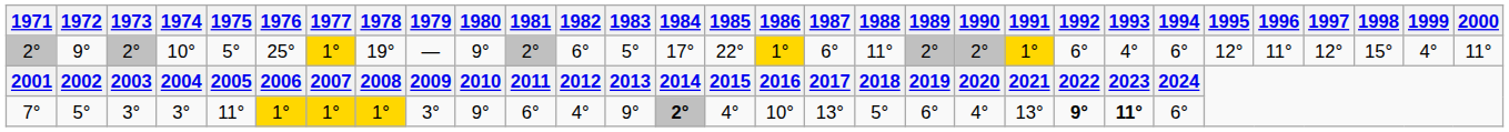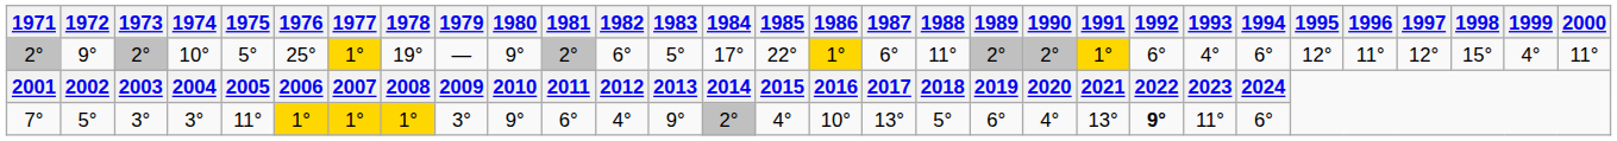 <table class="wikitable" style="margin:0.5em ; font-size:80%">
 <tr>
 <th><a href='#'>1971</a></th>
 <th><a href='#'>1972</a></th>
 <th><a href='#'>1973</a></th>
 <th><a href='#'>1974</a></th>
 <th><a href='#'>1975</a></th>
 <th><a href='#'>1976</a></th>
 <th><a href='#'>1977</a></th>
 <th><a href='#'>1978</a></th>
 <th><a href='#'>1979</a></th>
 <th><a href='#'>1980</a></th>
 <th><a href='#'>1981</a></th>
 <th><a href='#'>1982</a></th>
 <th><a href='#'>1983</a></th>
 <th><a href='#'>1984</a></th>
 <th><a href='#'>1985</a></th>
 <th><a href='#'>1986</a></th>
 <th><a href='#'>1987</a></th>
 <th><a href='#'>1988</a></th>
 <th><a href='#'>1989</a></th>
 <th><a href='#'>1990</a></th>
 <th><a href='#'>1991</a></th>
 <th><a href='#'>1992</a></th>
 <th><a href='#'>1993</a></th>
 <th><a href='#'>1994</a></th>
 <th><a href='#'>1995</a></th>
 <th><a href='#'>1996</a></th>
 <th><a href='#'>1997</a></th>
 <th><a href='#'>1998</a></th>
 <th><a href='#'>1999</a></th>
 <th><a href='#'>2000</a></th>
 </tr>
 <tr>
 <td align=center style="background:silver;">2°</td>
 <td align=center>9°</td>
 <td align=center style="background:silver;">2°</td>
 <td align=center>10°</td>
 <td align=center>5°</td>
 <td align=center>25°</td>
 <td align=center style="background:gold;">1°</td>
 <td align=center>19°</td>
 <td align=center>—</td>
 <td align=center>9°</td>
 <td align=center style="background:silver;">2°</td>
 <td align=center>6°</td>
 <td align=center>5°</td>
 <td align=center>17°</td>
 <td align=center>22°</td>
 <td align=center style="background:gold;">1°</td>
 <td align=center>6°</td>
 <td align=center>11°</td>
 <td align=center style="background:silver;">2°</td>
 <td align=center style="background:silver;">2°</td>
 <td align=center style="background:gold;">1°</td>
 <td align=center>6°</td>
 <td align=center>4°</td>
 <td align=center>6°</td>
 <td align=center>12°</td>
 <td align=center>11°</td>
 <td align=center>12°</td>
 <td align=center>15°</td>
 <td align=center>4°</td>
 <td align=center>11°</td>
 </tr>
 <tr>
 <th><a href='#'>2001</a></th>
 <th><a href='#'>2002</a></th>
 <th><a href='#'>2003</a></th>
 <th><a href='#'>2004</a></th>
 <th><a href='#'>2005</a></th>
 <th><a href='#'>2006</a></th>
 <th><a href='#'>2007</a></th>
 <th><a href='#'>2008</a></th>
 <th><a href='#'>2009</a></th>
 <th><a href='#'>2010</a></th>
 <th><a href='#'>2011</a></th>
 <th><a href='#'>2012</a></th>
 <th><a href='#'>2013</a></th>
 <th><a href='#'>2014</a></th>
 <th><a href='#'>2015</a></th>
 <th><a href='#'>2016</a></th>
 <th><a href='#'>2017</a></th>
 <th><a href='#'>2018</a></th>
 <th><a href='#'>2019</a></th>
 <th><a href='#'>2020</a></th>
 <th><a href='#'>2021</a></th>
 <th><a href='#'>2022</a></th>
 <th><a href='#'>2023</a></th>
 <th><a href='#'>2024</a></th>
 </tr>
 <tr>
 <td align=center>7°</td>
 <td align=center>5°</td>
 <td align=center>3°</td>
 <td align=center>3°</td>
 <td align=center>11°</td>
 <td align=center style="background:gold;">1°</td>
 <td align=center style="background:gold;">1°</td>
 <td align=center style="background:gold;">1°</td>
 <td align=center>3°</td>
 <td align=center>9°</td>
 <td align=center>6°</td>
 <td align=center>4°</td>
 <td align=center>9°</td>
-<td align=center style="background:silver;"><strong>2°</strong></td>
+<td align=center style="background:silver;">2°</td>
 <td align=center>4°</td>
 <td align=center>10°</td>
 <td align=center>13°</td>
 <td align=center>5°</td>
 <td align=center>6°</td>
 <td align=center>4°</td>
 <td align=center>13°</td>
 <td align=center><strong>9°</strong></td>
-<td align=center><strong>11°</strong></td>
+<td align=center>11°</td>
 <td align=center>6°</td>
 </tr>
 </table>
